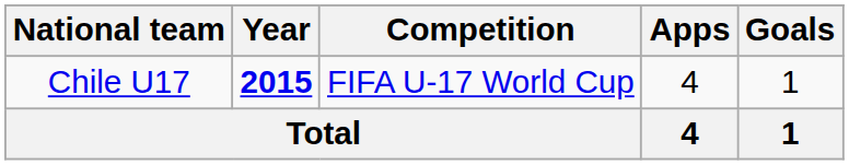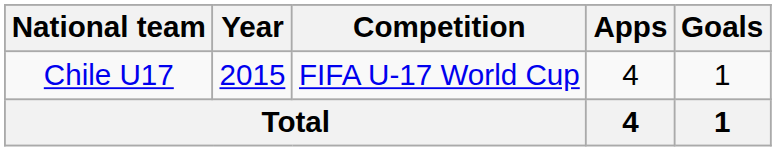 <table class=wikitable style=text-align:center>
 <tr>
 <th>National team</th>
 <th>Year</th>
 <th>Competition</th>
 <th>Apps</th>
 <th>Goals</th>
 </tr>
 <tr>
 <td><a href='#'>Chile U17</a></td>
-<td><strong><a href='#'>2015</a></strong></td>
+<td><a href='#'>2015</a></td>
 <td><a href='#'>FIFA U-17 World Cup</a></td>
 <td>4</td>
 <td>1</td>
 </tr>
 <tr>
 <th colspan=3>Total</th>
 <th>4</th>
 <th>1</th>
 </tr>
 </table>
